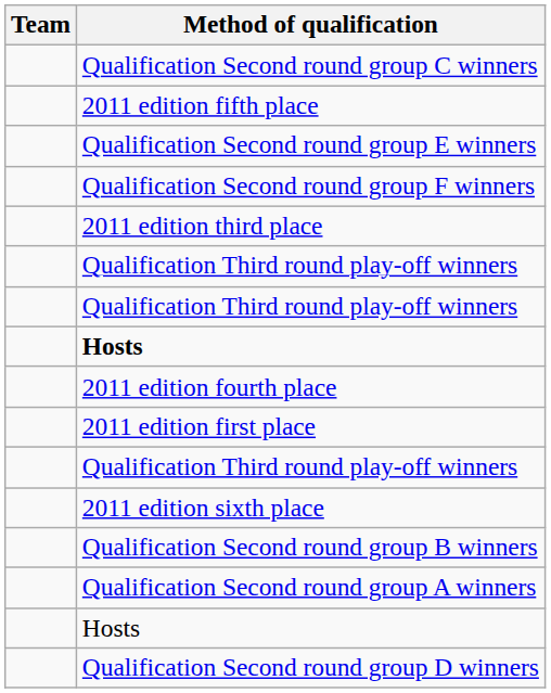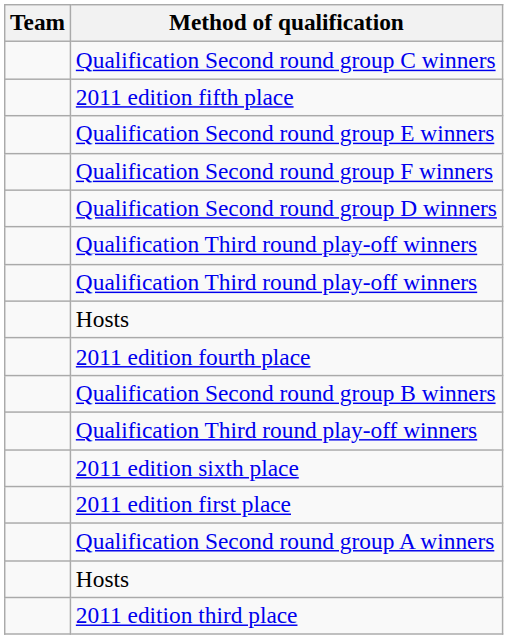 <table class="wikitable">
 <tr>
 <th>Team</th>
 <th>Method of qualification</th>
 </tr>
 <tr>
 <td></td>
 <td><a href='#'>Qualification Second round group C winners</a></td>
 </tr>
 <tr>
 <td></td>
 <td><a href='#'>2011 edition fifth place</a></td>
 </tr>
 <tr>
 <td></td>
 <td><a href='#'>Qualification Second round group E winners</a></td>
 </tr>
 <tr>
 <td></td>
 <td><a href='#'>Qualification Second round group F winners</a></td>
 </tr>
 <tr>
 <td></td>
-<td><a href='#'>2011 edition third place</a></td>
+<td><a href='#'>Qualification Second round group D winners</a></td>
 </tr>
 <tr>
 <td></td>
 <td><a href='#'>Qualification Third round play-off winners</a></td>
 </tr>
 <tr>
 <td></td>
 <td><a href='#'>Qualification Third round play-off winners</a></td>
 </tr>
 <tr>
 <td></td>
-<td><strong>Hosts</strong></td>
+<td>Hosts</td>
 </tr>
 <tr>
 <td></td>
 <td><a href='#'>2011 edition fourth place</a></td>
 </tr>
 <tr>
 <td></td>
-<td><a href='#'>2011 edition first place</a></td>
+<td><a href='#'>Qualification Second round group B winners</a></td>
 </tr>
 <tr>
 <td></td>
 <td><a href='#'>Qualification Third round play-off winners</a></td>
 </tr>
 <tr>
 <td></td>
 <td><a href='#'>2011 edition sixth place</a></td>
 </tr>
 <tr>
 <td></td>
-<td><a href='#'>Qualification Second round group B winners</a></td>
+<td><a href='#'>2011 edition first place</a></td>
 </tr>
 <tr>
 <td></td>
 <td><a href='#'>Qualification Second round group A winners</a></td>
 </tr>
 <tr>
 <td></td>
 <td>Hosts</td>
 </tr>
 <tr>
 <td></td>
-<td><a href='#'>Qualification Second round group D winners</a></td>
+<td><a href='#'>2011 edition third place</a></td>
 </tr>
 </table>
